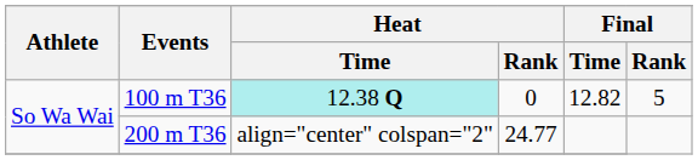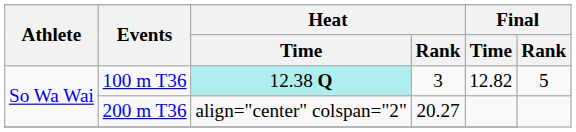 <table class="wikitable">
 <tr>
 </tr>
 <tr>
 <th rowspan="2">Athlete</th>
 <th rowspan="2">Events</th>
 <th colspan="2">Heat</th>
 <th colspan="2">Final</th>
 </tr>
 <tr>
 <th>Time</th>
 <th>Rank</th>
 <th>Time</th>
 <th>Rank</th>
 </tr>
 <tr>
 <td rowspan=2><a href='#'>So Wa Wai</a></td>
 <td><a href='#'>100 m T36</a></td>
 <td align="center" style="background: paleturquoise;">12.38 <strong>Q</strong></td>
-<td align="center">0</td>
+<td align="center">3</td>
 <td align="center">12.82</td>
 <td align="center">5</td>
 </tr>
 <tr>
 <td><a href='#'>200 m T36</a></td>
 <td>align="center" colspan="2" </td>
-<td align="center">24.77</td>
+<td align="center">20.27</td>
 <td align="center"></td>
 </tr>
 <tr>
 </tr>
 </table>
